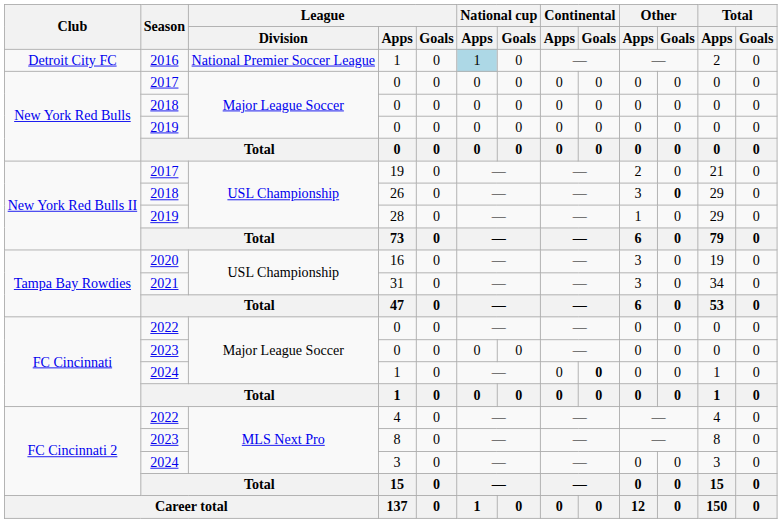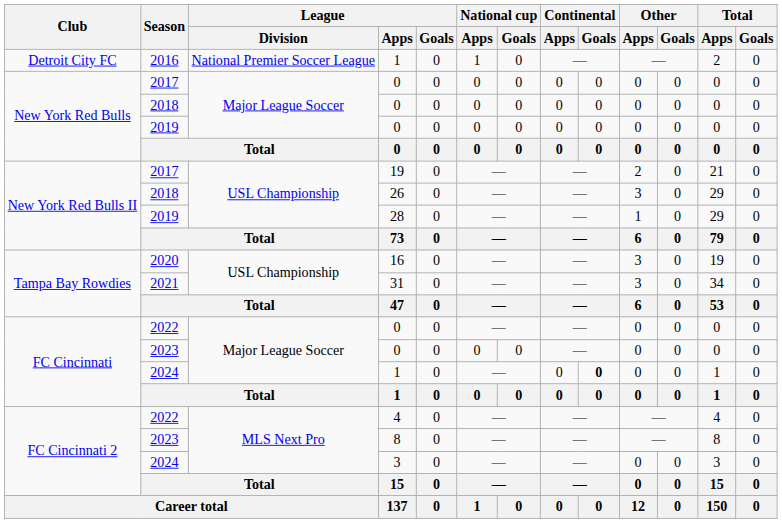 <table class="wikitable" style="text-align: center;">
 <tr>
 <th rowspan="2">Club</th>
 <th rowspan="2">Season</th>
 <th colspan="3">League</th>
 <th colspan="2">National cup</th>
 <th colspan="2">Continental</th>
 <th colspan="2">Other</th>
 <th colspan="2">Total</th>
 </tr>
 <tr>
 <th>Division</th>
 <th>Apps</th>
 <th>Goals</th>
 <th>Apps</th>
 <th>Goals</th>
 <th>Apps</th>
 <th>Goals</th>
 <th>Apps</th>
 <th>Goals</th>
 <th>Apps</th>
 <th>Goals</th>
 </tr>
 <tr>
 <td><a href='#'>Detroit City FC</a></td>
 <td><a href='#'>2016</a></td>
 <td><a href='#'>National Premier Soccer League</a></td>
 <td>1</td>
 <td>0</td>
-<td style="background: lightblue;">1</td>
+<td>1</td>
 <td>0</td>
 <td colspan="2">—</td>
 <td colspan="2">—</td>
 <td>2</td>
 <td>0</td>
 </tr>
 <tr>
 <td rowspan="4"><a href='#'>New York Red Bulls</a></td>
 <td><a href='#'>2017</a></td>
 <td rowspan="3"><a href='#'>Major League Soccer</a></td>
 <td>0</td>
 <td>0</td>
 <td>0</td>
 <td>0</td>
 <td>0</td>
 <td>0</td>
 <td>0</td>
 <td>0</td>
 <td>0</td>
 <td>0</td>
 </tr>
 <tr>
 <td><a href='#'>2018</a></td>
 <td>0</td>
 <td>0</td>
 <td>0</td>
 <td>0</td>
 <td>0</td>
 <td>0</td>
 <td>0</td>
 <td>0</td>
 <td>0</td>
 <td>0</td>
 </tr>
 <tr>
 <td><a href='#'>2019</a></td>
 <td>0</td>
 <td>0</td>
 <td>0</td>
 <td>0</td>
 <td>0</td>
 <td>0</td>
 <td>0</td>
 <td>0</td>
 <td>0</td>
 <td>0</td>
 </tr>
 <tr>
 <th colspan="2">Total</th>
 <th>0</th>
 <th>0</th>
 <th>0</th>
 <th>0</th>
 <th>0</th>
 <th>0</th>
 <th>0</th>
 <th>0</th>
 <th>0</th>
 <th>0</th>
 </tr>
 <tr>
 <td rowspan="4"><a href='#'>New York Red Bulls II</a></td>
 <td><a href='#'>2017</a></td>
 <td rowspan="3"><a href='#'>USL Championship</a></td>
 <td>19</td>
 <td>0</td>
 <td colspan="2">—</td>
 <td colspan="2">—</td>
 <td>2</td>
 <td>0</td>
 <td>21</td>
 <td>0</td>
 </tr>
 <tr>
 <td><a href='#'>2018</a></td>
 <td>26</td>
 <td>0</td>
 <td colspan="2">—</td>
 <td colspan="2">—</td>
 <td>3</td>
-<td><strong>0</strong></td>
+<td>0</td>
 <td>29</td>
 <td>0</td>
 </tr>
 <tr>
 <td><a href='#'>2019</a></td>
 <td>28</td>
 <td>0</td>
 <td colspan="2">—</td>
 <td colspan="2">—</td>
 <td>1</td>
 <td>0</td>
 <td>29</td>
 <td>0</td>
 </tr>
 <tr>
 <th colspan="2">Total</th>
 <th>73</th>
 <th>0</th>
 <th colspan="2">—</th>
 <th colspan="2">—</th>
 <th>6</th>
 <th>0</th>
 <th>79</th>
 <th>0</th>
 </tr>
 <tr>
 <td rowspan="3"><a href='#'>Tampa Bay Rowdies</a></td>
 <td><a href='#'>2020</a></td>
 <td rowspan="2">USL Championship</td>
 <td>16</td>
 <td>0</td>
 <td colspan="2">—</td>
 <td colspan="2">—</td>
 <td>3</td>
 <td>0</td>
 <td>19</td>
 <td>0</td>
 </tr>
 <tr>
 <td><a href='#'>2021</a></td>
 <td>31</td>
 <td>0</td>
 <td colspan="2">—</td>
 <td colspan="2">—</td>
 <td>3</td>
 <td>0</td>
 <td>34</td>
 <td>0</td>
 </tr>
 <tr>
 <th colspan="2">Total</th>
 <th>47</th>
 <th>0</th>
 <th colspan="2">—</th>
 <th colspan="2">—</th>
 <th>6</th>
 <th>0</th>
 <th>53</th>
 <th>0</th>
 </tr>
 <tr>
 <td rowspan="4"><a href='#'>FC Cincinnati</a></td>
 <td><a href='#'>2022</a></td>
 <td rowspan="3">Major League Soccer</td>
 <td>0</td>
 <td>0</td>
 <td colspan="2">—</td>
 <td colspan="2">—</td>
 <td>0</td>
 <td>0</td>
 <td>0</td>
 <td>0</td>
 </tr>
 <tr>
 <td><a href='#'>2023</a></td>
 <td>0</td>
 <td>0</td>
 <td>0</td>
 <td>0</td>
 <td colspan="2">—</td>
 <td>0</td>
 <td>0</td>
 <td>0</td>
 <td>0</td>
 </tr>
 <tr>
 <td><a href='#'>2024</a></td>
 <td>1</td>
 <td>0</td>
 <td colspan="2">—</td>
 <td>0</td>
 <td><strong>0</strong></td>
 <td>0</td>
 <td>0</td>
 <td>1</td>
 <td>0</td>
 </tr>
 <tr>
 <th colspan="2">Total</th>
 <th>1</th>
 <th>0</th>
 <th>0</th>
 <th>0</th>
 <th>0</th>
 <th>0</th>
 <th>0</th>
 <th>0</th>
 <th>1</th>
 <th>0</th>
 </tr>
 <tr>
 <td rowspan="4"><a href='#'>FC Cincinnati 2</a></td>
 <td><a href='#'>2022</a></td>
 <td rowspan="3"><a href='#'>MLS Next Pro</a></td>
 <td>4</td>
 <td>0</td>
 <td colspan="2">—</td>
 <td colspan="2">—</td>
 <td colspan="2">—</td>
 <td>4</td>
 <td>0</td>
 </tr>
 <tr>
 <td><a href='#'>2023</a></td>
 <td>8</td>
 <td>0</td>
 <td colspan="2">—</td>
 <td colspan="2">—</td>
 <td colspan="2">—</td>
 <td>8</td>
 <td>0</td>
 </tr>
 <tr>
 <td><a href='#'>2024</a></td>
 <td>3</td>
 <td>0</td>
 <td colspan="2">—</td>
 <td colspan="2">—</td>
 <td>0</td>
 <td>0</td>
 <td>3</td>
 <td>0</td>
 </tr>
 <tr>
 <th colspan="2">Total</th>
 <th>15</th>
 <th>0</th>
 <th colspan="2">—</th>
 <th colspan="2">—</th>
 <th>0</th>
 <th>0</th>
 <th>15</th>
 <th>0</th>
 </tr>
 <tr>
 <th colspan="3">Career total</th>
 <th>137</th>
 <th>0</th>
 <th>1</th>
 <th>0</th>
 <th>0</th>
 <th>0</th>
 <th>12</th>
 <th>0</th>
 <th>150</th>
 <th>0</th>
 </tr>
 </table>
